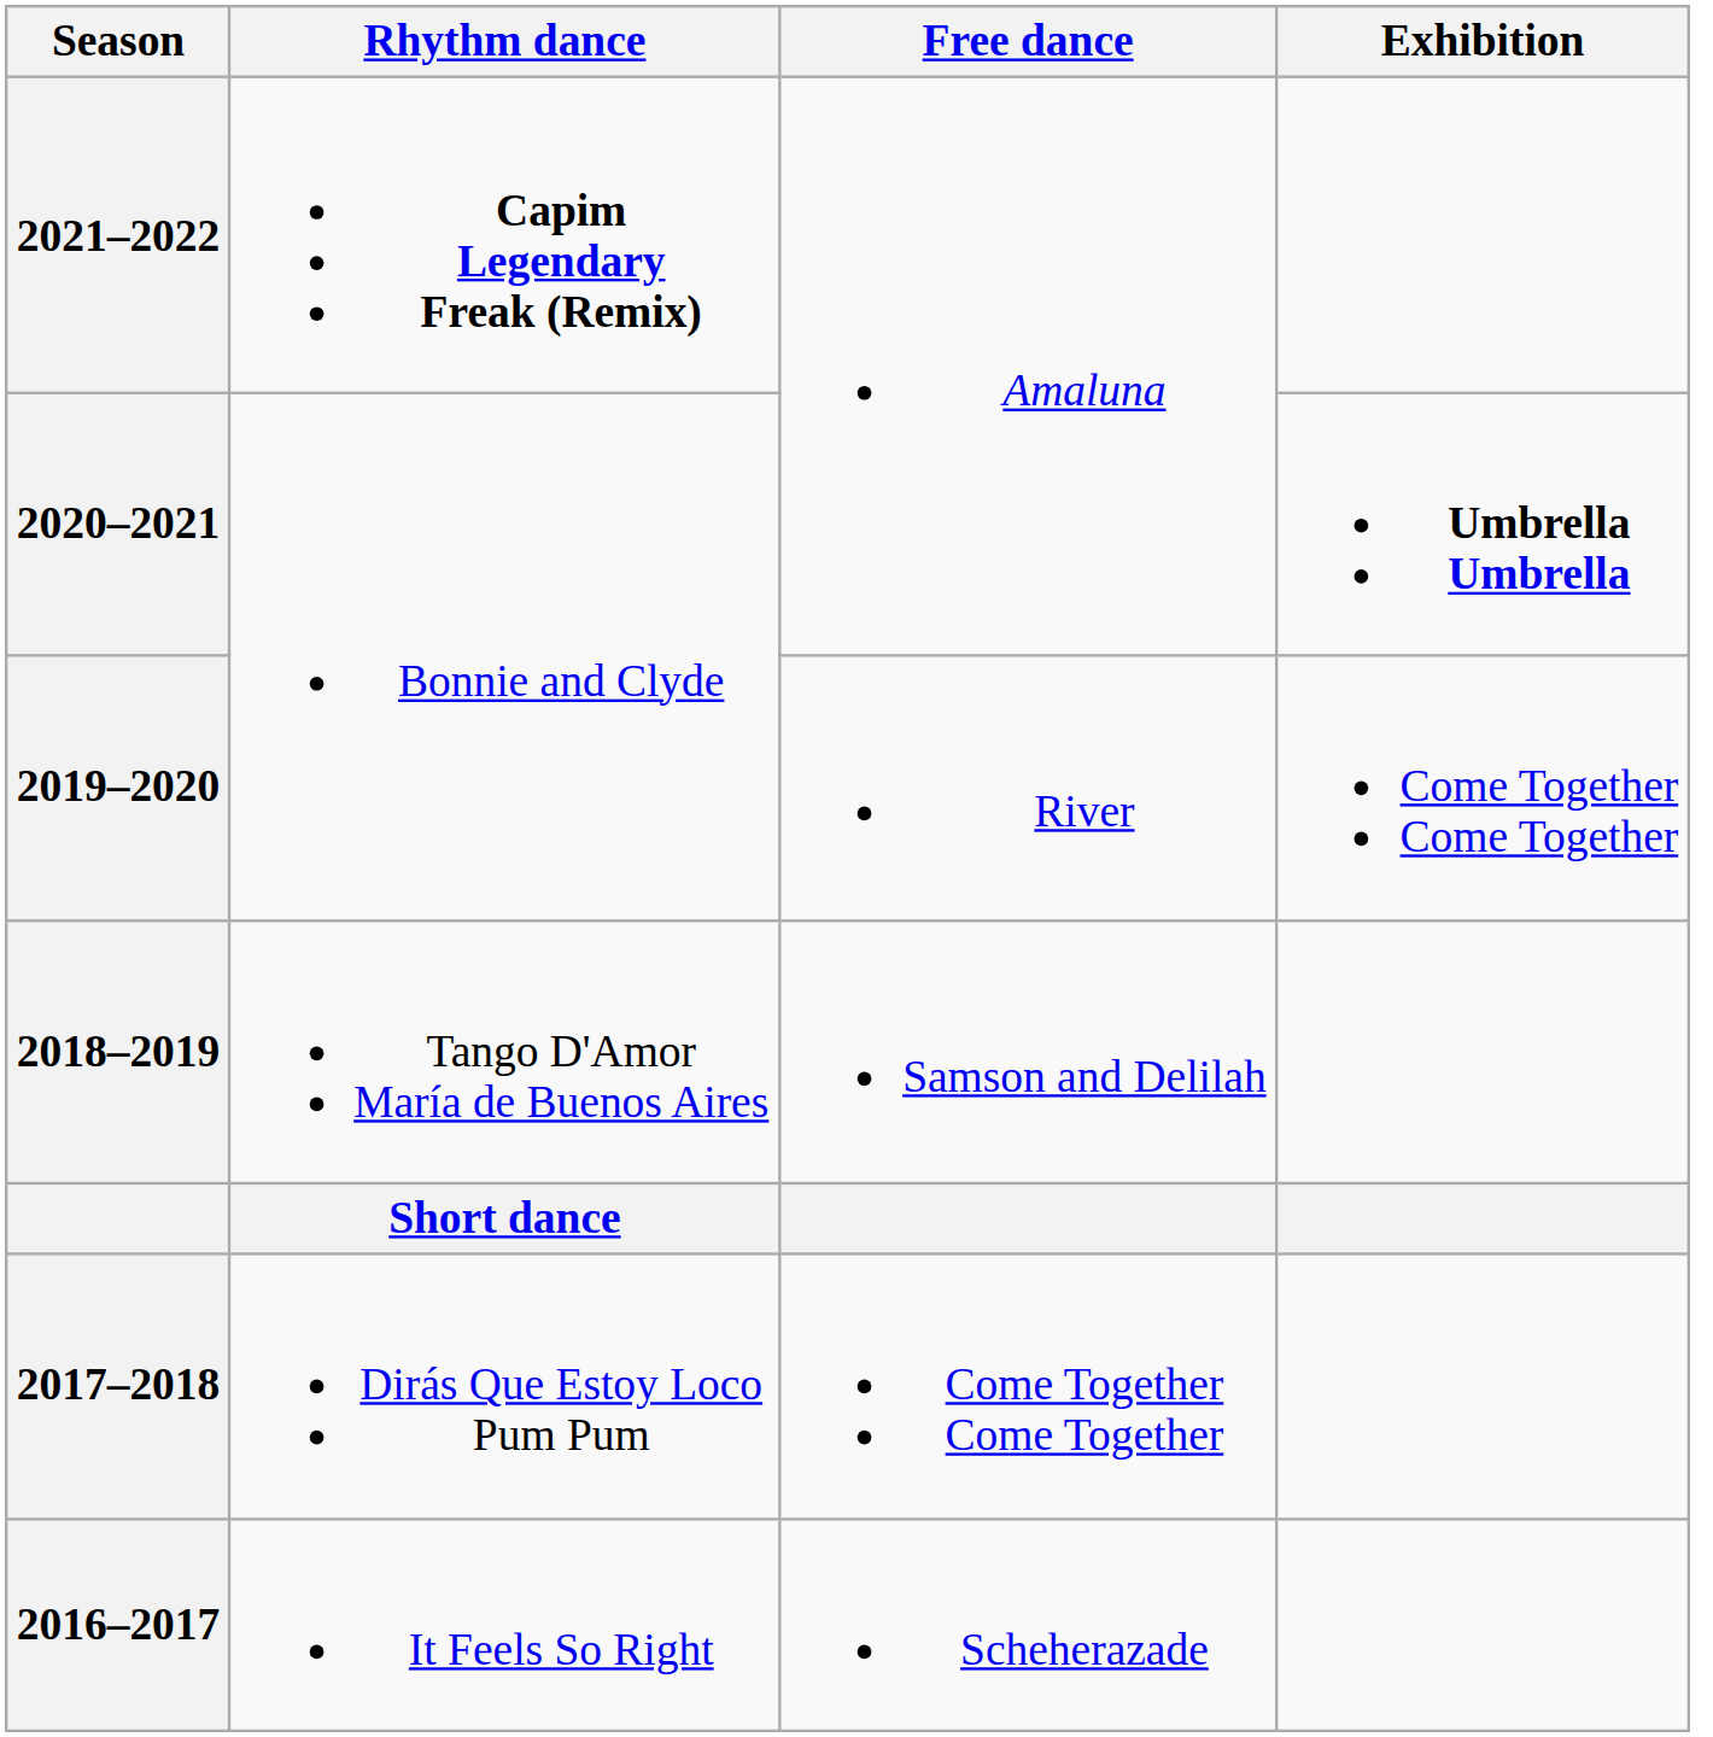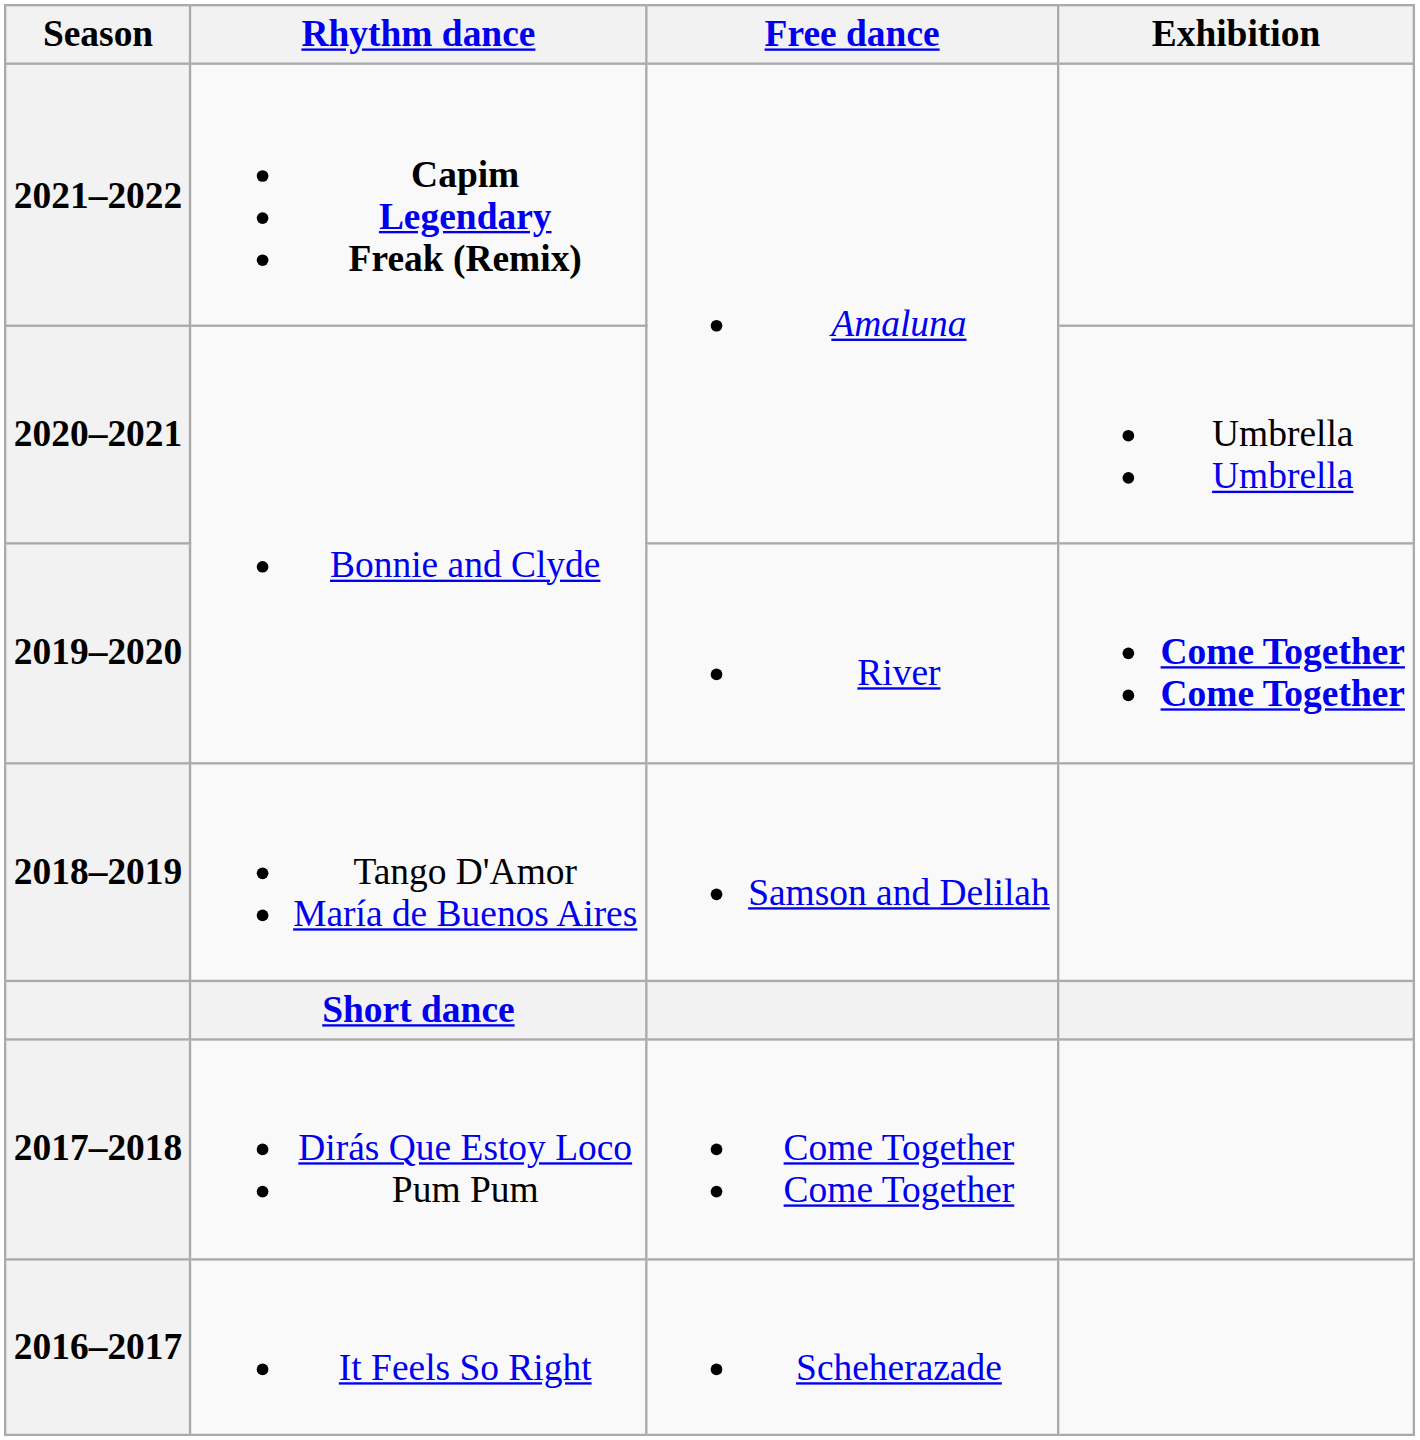 <table class=wikitable style=text-align:center>
 <tr>
 <th>Season</th>
 <th><a href='#'>Rhythm dance</a></th>
 <th><a href='#'>Free dance</a></th>
 <th>Exhibition</th>
 </tr>
 <tr>
 <th>2021–2022 <br> </th>
 <td><strong><br><ul><li> Capim <br> </li><li> <a href='#'>Legendary</a> <br> </li><li> Freak (Remix) <br> </li></ul></strong></td>
 <td rowspan=2><br><ul><li><em><a href='#'>Amaluna</a></em> <br> </li></ul></td>
 <td></td>
 </tr>
 <tr>
 <th>2020–2021</th>
 <td rowspan=2><br><ul><li> <a href='#'>Bonnie and Clyde</a><br></li></ul></td>
-<td><strong><br><ul><li>Umbrella <br></li><li><a href='#'>Umbrella</a> <br></li></ul></strong></td>
+<td><br><ul><li>Umbrella <br></li><li><a href='#'>Umbrella</a> <br></li></ul></td>
 </tr>
 <tr>
 <th>2019–2020 <br> </th>
 <td><br><ul><li><a href='#'>River</a> <br></li></ul></td>
-<td><br><ul><li><a href='#'>Come Together</a><br></li><li><a href='#'>Come Together</a><br></li></ul></td>
+<td><strong><br><ul><li><a href='#'>Come Together</a><br></li><li><a href='#'>Come Together</a><br></li></ul></strong></td>
 </tr>
 <tr>
 <th>2018–2019 <br> </th>
 <td><br><ul><li> Tango D'Amor <br></li><li> <a href='#'>María de Buenos Aires</a> <br></li></ul></td>
 <td><br><ul><li><a href='#'>Samson and Delilah</a> <br> </li></ul></td>
 <td></td>
 </tr>
 <tr>
 <th></th>
 <th><a href='#'>Short dance</a></th>
 <th></th>
 <th></th>
 </tr>
 <tr>
 <th>2017–2018</th>
 <td><br><ul><li><a href='#'>Dirás Que Estoy Loco</a><br></li><li>Pum Pum<br></li></ul></td>
 <td><br><ul><li><a href='#'>Come Together</a><br></li><li><a href='#'>Come Together</a><br></li></ul></td>
 <td></td>
 </tr>
 <tr>
 <th>2016–2017</th>
 <td><br><ul><li><a href='#'>It Feels So Right</a><br></li></ul></td>
 <td><br><ul><li><a href='#'>Scheherazade</a><br></li></ul></td>
 <td></td>
 </tr>
 </table>
